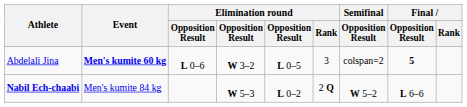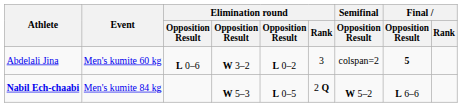 <table class=wikitable style=font-size:90%;text-align:center>
 <tr>
 <th rowspan=2>Athlete</th>
 <th rowspan=2>Event</th>
 <th colspan=4>Elimination round</th>
 <th>Semifinal</th>
 <th colspan=2>Final / </th>
 </tr>
 <tr style=font-size:95%>
 <th>Opposition<br>Result</th>
 <th>Opposition<br>Result</th>
 <th>Opposition<br>Result</th>
 <th>Rank</th>
 <th>Opposition<br>Result</th>
 <th>Opposition<br>Result</th>
 <th>Rank</th>
 </tr>
 <tr>
 <td align=left><a href='#'>Abdelali Jina</a></td>
-<td align=left><strong><a href='#'>Men's kumite 60 kg</a></strong></td>
+<td align=left><a href='#'>Men's kumite 60 kg</a></td>
 <td><br><strong>L</strong> 0–6</td>
 <td><br><strong>W</strong> 3–2</td>
-<td><br><strong>L</strong> 0–5</td>
+<td><br><strong>L</strong> 0–2</td>
 <td>3</td>
 <td>colspan=2 </td>
 <td><strong>5</strong></td>
 </tr>
 <tr>
 <td align=left><strong><a href='#'>Nabil Ech-chaabi</a></strong></td>
 <td align=left><a href='#'>Men's kumite 84 kg</a></td>
 <td></td>
 <td><br><strong>W</strong> 5–3</td>
-<td><br><strong>L</strong> 0–2</td>
+<td><br><strong>L</strong> 0–5</td>
 <td>2 <strong>Q</strong></td>
 <td><br><strong>W</strong> 5–2</td>
 <td><br><strong>L</strong> 6–6</td>
 <td></td>
 </tr>
 </table>
